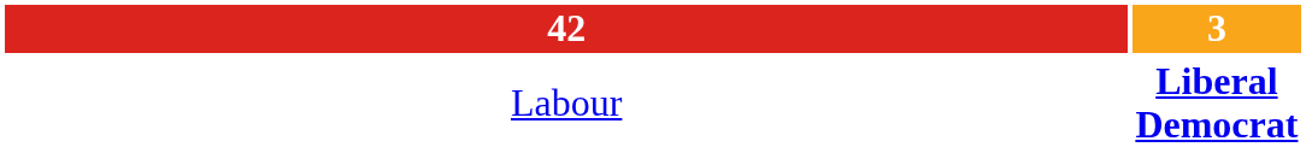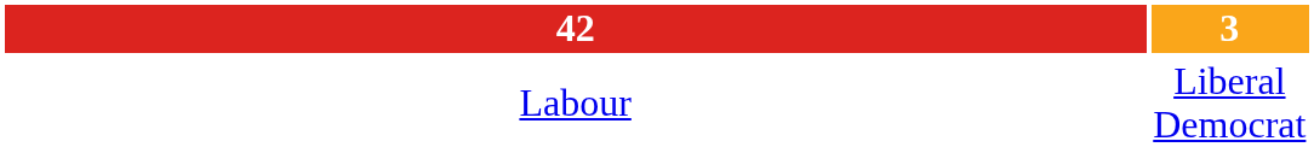 <table style="width:42.85714286%; text-align:center;">
 <tr style="color:white;">
 <td style="background:#DC241f; width:93.3%;"><strong>42</strong></td>
 <td style="background:#FAA61A; width:6.7;"><strong>3</strong></td>
 </tr>
 <tr>
 <td><span><a href='#'>Labour</a></span></td>
-<td><strong><span><a href='#'>Liberal Democrat</a></span></strong></td>
+<td><span><a href='#'>Liberal Democrat</a></span></td>
 </tr>
 </table>
